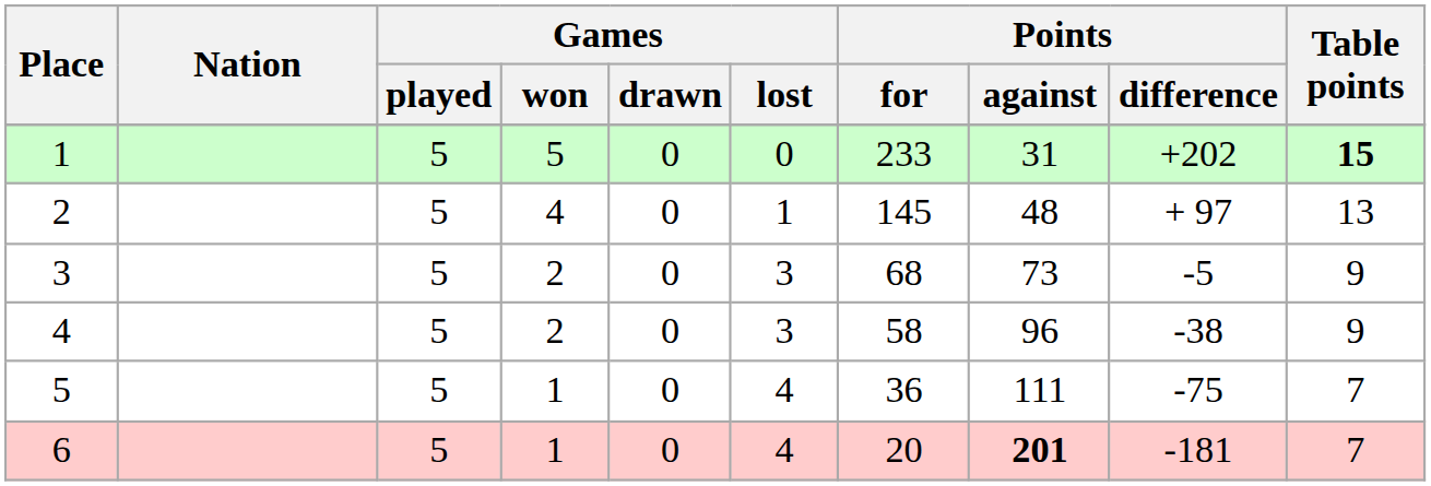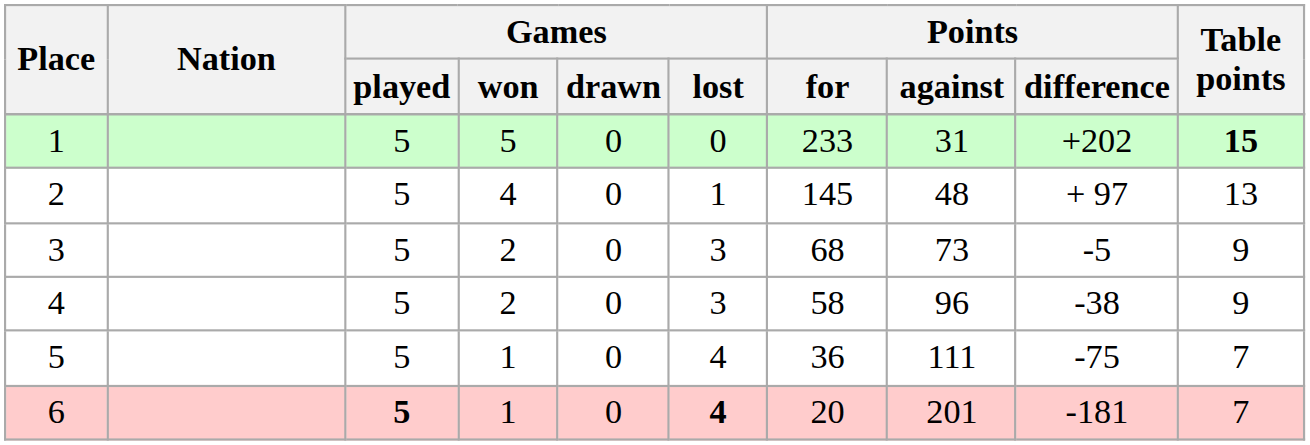 <table class="wikitable">
 <tr>
 <th rowspan=2 width="8%">Place</th>
 <th rowspan=2 width="20%">Nation</th>
 <th colspan=4 width="32%">Games</th>
 <th colspan=3 width="30%">Points</th>
 <th rowspan=2 width="10%">Table<br>points</th>
 </tr>
 <tr>
 <th width="8%">played</th>
 <th width="8%">won</th>
 <th width="8%">drawn</th>
 <th width="8%">lost</th>
 <th width="10%">for</th>
 <th width="10%">against</th>
 <th width="10%">difference</th>
 </tr>
 <tr>
 </tr>
 <tr bgcolor=#ccffcc align=center>
 <td>1</td>
 <td align=left><strong></strong></td>
 <td>5</td>
 <td>5</td>
 <td>0</td>
 <td>0</td>
 <td>233</td>
 <td>31</td>
 <td>+202</td>
 <td><strong>15</strong></td>
 </tr>
 <tr bgcolor=#ffffff align=center>
 <td>2</td>
 <td align=left></td>
 <td>5</td>
 <td>4</td>
 <td>0</td>
 <td>1</td>
 <td>145</td>
 <td>48</td>
 <td>+	97</td>
 <td>13</td>
 </tr>
 <tr bgcolor=#ffffff align=center>
 <td>3</td>
 <td align=left></td>
 <td>5</td>
 <td>2</td>
 <td>0</td>
 <td>3</td>
 <td>68</td>
 <td>73</td>
 <td>-5</td>
 <td>9</td>
 </tr>
 <tr bgcolor=#ffffff align=center>
 <td>4</td>
 <td align=left></td>
 <td>5</td>
 <td>2</td>
 <td>0</td>
 <td>3</td>
 <td>58</td>
 <td>96</td>
 <td>-38</td>
 <td>9</td>
 </tr>
 <tr bgcolor=#ffffff align=center>
 <td>5</td>
 <td align=left></td>
 <td>5</td>
 <td>1</td>
 <td>0</td>
 <td>4</td>
 <td>36</td>
 <td>111</td>
 <td>-75</td>
 <td>7</td>
 </tr>
 <tr bgcolor=#ffcccc align=center>
 <td>6</td>
 <td align=left><em></em></td>
-<td>5</td>
+<td><strong>5</strong></td>
 <td>1</td>
 <td>0</td>
-<td>4</td>
+<td><strong>4</strong></td>
 <td>20</td>
-<td><strong>201</strong></td>
+<td>201</td>
 <td>-181</td>
 <td>7</td>
 </tr>
 </table>
